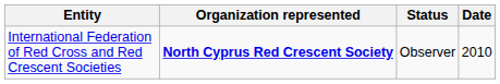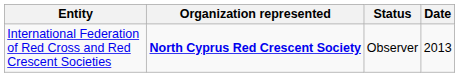 <table class="wikitable sortable">
 <tr>
 <th style="width:175px;">Entity</th>
 <th>Organization represented</th>
 <th>Status</th>
 <th>Date</th>
 </tr>
 <tr>
 <td><a href='#'>International Federation of Red Cross and Red Crescent Societies</a></td>
 <td><strong><a href='#'>North Cyprus Red Crescent Society</a></strong></td>
 <td>Observer</td>
-<td>2010</td>
+<td>2013</td>
 </tr>
 </table>
